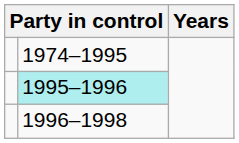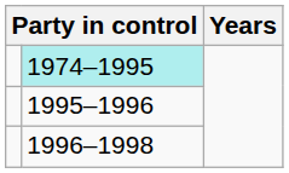 <table class="wikitable">
 <tr>
 <th colspan="2">Party in control</th>
 <th>Years</th>
 </tr>
 <tr>
 <td></td>
-<td>1974–1995</td>
+<td style="background: paleturquoise;">1974–1995</td>
 </tr>
 <tr>
 <td></td>
-<td style="background: paleturquoise;">1995–1996</td>
+<td>1995–1996</td>
 </tr>
 <tr>
 <td></td>
 <td>1996–1998</td>
 </tr>
 </table>
